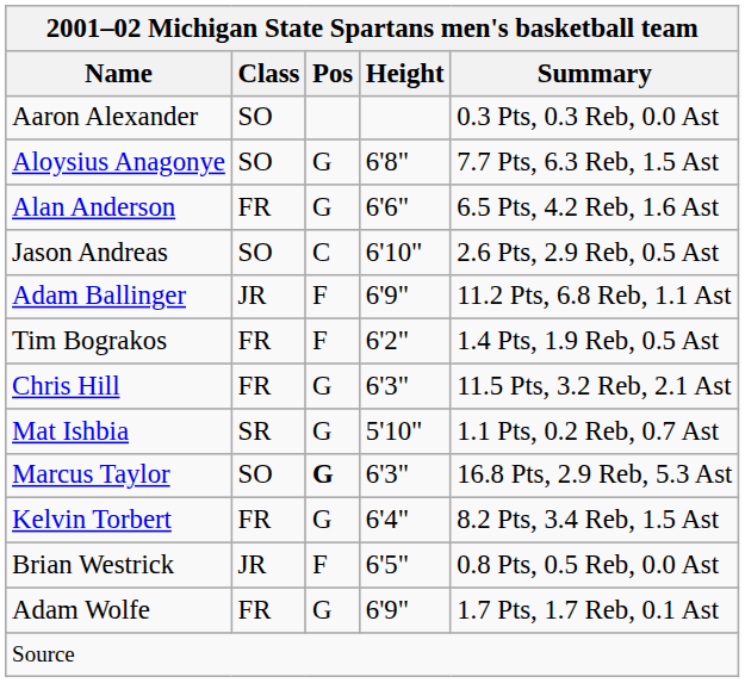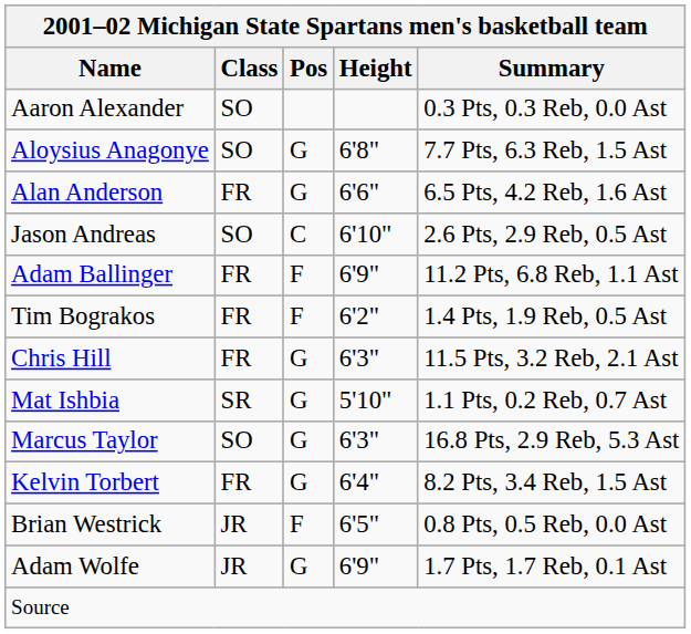 <table class="wikitable" style="font-size: 90%"|->
 <tr>
 <th colspan=9 style="background:#">2001–02 Michigan State Spartans men's basketball team</th>
 </tr>
 <tr>
 <th style="background:#">Name</th>
 <th style="background:#">Class</th>
 <th style="background:#">Pos</th>
 <th style="background:#">Height</th>
 <th style="background:#">Summary</th>
 </tr>
 <tr>
 <td>Aaron Alexander</td>
 <td>SO</td>
 <td></td>
 <td></td>
 <td>0.3 Pts, 0.3 Reb, 0.0 Ast</td>
 </tr>
 <tr>
 <td><a href='#'>Aloysius Anagonye</a></td>
 <td>SO</td>
 <td>G</td>
 <td>6'8"</td>
 <td>7.7 Pts, 6.3 Reb, 1.5 Ast</td>
 </tr>
 <tr>
 <td><a href='#'>Alan Anderson</a></td>
 <td>FR</td>
 <td>G</td>
 <td>6'6"</td>
 <td>6.5 Pts, 4.2 Reb, 1.6 Ast</td>
 </tr>
 <tr>
 <td>Jason Andreas</td>
 <td>SO</td>
 <td>C</td>
 <td>6'10"</td>
 <td>2.6 Pts, 2.9 Reb, 0.5 Ast</td>
 </tr>
 <tr>
 <td><a href='#'>Adam Ballinger</a></td>
-<td>JR</td>
+<td>FR</td>
 <td>F</td>
 <td>6'9"</td>
 <td>11.2 Pts, 6.8 Reb, 1.1 Ast</td>
 </tr>
 <tr>
 <td>Tim Bograkos</td>
 <td>FR</td>
 <td>F</td>
 <td>6'2"</td>
 <td>1.4 Pts, 1.9 Reb, 0.5 Ast</td>
 </tr>
 <tr>
 <td><a href='#'>Chris Hill</a></td>
 <td>FR</td>
 <td>G</td>
 <td>6'3"</td>
 <td>11.5 Pts, 3.2 Reb, 2.1 Ast</td>
 </tr>
 <tr>
 <td><a href='#'>Mat Ishbia</a></td>
 <td>SR</td>
 <td>G</td>
 <td>5'10"</td>
 <td>1.1 Pts, 0.2 Reb, 0.7 Ast</td>
 </tr>
 <tr>
 <td><a href='#'>Marcus Taylor</a></td>
 <td>SO</td>
-<td><strong>G</strong></td>
+<td>G</td>
 <td>6'3"</td>
 <td>16.8 Pts, 2.9 Reb, 5.3 Ast</td>
 </tr>
 <tr>
 <td><a href='#'>Kelvin Torbert</a></td>
 <td>FR</td>
 <td>G</td>
 <td>6'4"</td>
 <td>8.2 Pts, 3.4 Reb, 1.5 Ast</td>
 </tr>
 <tr>
 <td>Brian Westrick</td>
 <td>JR</td>
 <td>F</td>
 <td>6'5"</td>
 <td>0.8 Pts, 0.5 Reb, 0.0 Ast</td>
 </tr>
 <tr>
 <td>Adam Wolfe</td>
-<td>FR</td>
+<td>JR</td>
 <td>G</td>
 <td>6'9"</td>
 <td>1.7 Pts, 1.7 Reb, 0.1 Ast</td>
 </tr>
 <tr>
 <td colspan=9><small>Source</small></td>
 </tr>
 </table>
